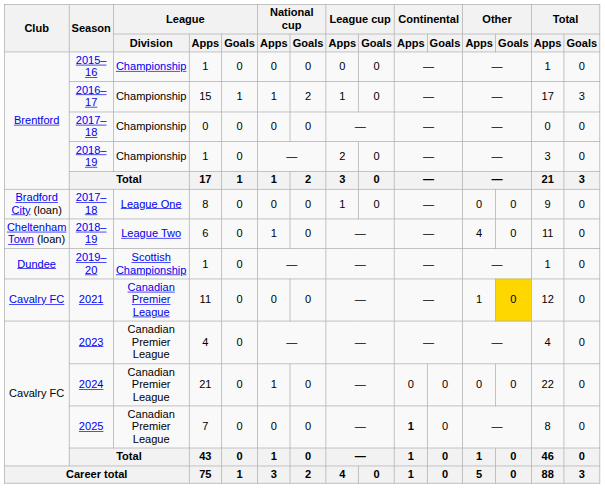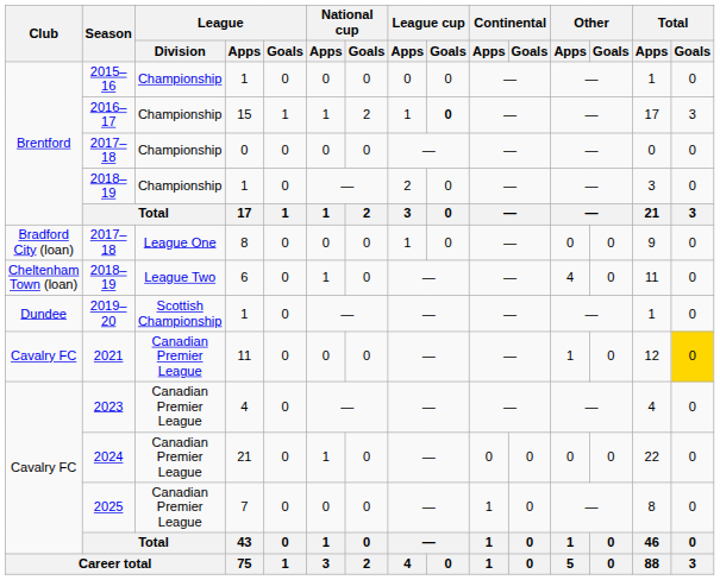 <table style="text-align: center;" class="wikitable">
 <tr>
 <th rowspan="2">Club</th>
 <th rowspan="2">Season</th>
 <th colspan="3">League</th>
 <th colspan="2">National cup</th>
 <th colspan="2">League cup</th>
 <th colspan="2">Continental</th>
 <th colspan="2">Other</th>
 <th colspan="2">Total</th>
 </tr>
 <tr>
 <th>Division</th>
 <th>Apps</th>
 <th>Goals</th>
 <th>Apps</th>
 <th>Goals</th>
 <th>Apps</th>
 <th>Goals</th>
 <th>Apps</th>
 <th>Goals</th>
 <th>Apps</th>
 <th>Goals</th>
 <th>Apps</th>
 <th>Goals</th>
 </tr>
 <tr>
 <td rowspan="5"><a href='#'>Brentford</a></td>
 <td><a href='#'>2015–16</a></td>
 <td><a href='#'>Championship</a></td>
 <td>1</td>
 <td>0</td>
 <td>0</td>
 <td>0</td>
 <td>0</td>
 <td>0</td>
 <td colspan="2">—</td>
 <td colspan="2">—</td>
 <td>1</td>
 <td>0</td>
 </tr>
 <tr>
 <td><a href='#'>2016–17</a></td>
 <td>Championship</td>
 <td>15</td>
 <td>1</td>
 <td>1</td>
 <td>2</td>
 <td>1</td>
-<td>0</td>
+<td><strong>0</strong></td>
 <td colspan="2">—</td>
 <td colspan="2">—</td>
 <td>17</td>
 <td>3</td>
 </tr>
 <tr>
 <td><a href='#'>2017–18</a></td>
 <td>Championship</td>
 <td>0</td>
 <td>0</td>
 <td>0</td>
 <td>0</td>
 <td colspan="2">—</td>
 <td colspan="2">—</td>
 <td colspan="2">—</td>
 <td>0</td>
 <td>0</td>
 </tr>
 <tr>
 <td><a href='#'>2018–19</a></td>
 <td>Championship</td>
 <td>1</td>
 <td>0</td>
 <td colspan="2">—</td>
 <td>2</td>
 <td>0</td>
 <td colspan="2">—</td>
 <td colspan="2">—</td>
 <td>3</td>
 <td>0</td>
 </tr>
 <tr>
 <th colspan="2">Total</th>
 <th>17</th>
 <th>1</th>
 <th>1</th>
 <th>2</th>
 <th>3</th>
 <th>0</th>
 <th colspan="2">—</th>
 <th colspan="2">—</th>
 <th>21</th>
 <th>3</th>
 </tr>
 <tr>
 <td><a href='#'>Bradford City</a> (loan)</td>
 <td><a href='#'>2017–18</a></td>
 <td><a href='#'>League One</a></td>
 <td>8</td>
 <td>0</td>
 <td>0</td>
 <td>0</td>
 <td>1</td>
 <td>0</td>
 <td colspan="2">—</td>
 <td>0</td>
 <td>0</td>
 <td>9</td>
 <td>0</td>
 </tr>
 <tr>
 <td><a href='#'>Cheltenham Town</a> (loan)</td>
 <td><a href='#'>2018–19</a></td>
 <td><a href='#'>League Two</a></td>
 <td>6</td>
 <td>0</td>
 <td>1</td>
 <td>0</td>
 <td colspan="2">—</td>
 <td colspan="2">—</td>
 <td>4</td>
 <td>0</td>
 <td>11</td>
 <td>0</td>
 </tr>
 <tr>
 <td><a href='#'>Dundee</a></td>
 <td><a href='#'>2019–20</a></td>
 <td><a href='#'>Scottish Championship</a></td>
 <td>1</td>
 <td>0</td>
 <td colspan="2">—</td>
 <td colspan="2">—</td>
 <td colspan="2">—</td>
 <td colspan="2">—</td>
 <td>1</td>
 <td>0</td>
 </tr>
 <tr>
 <td><a href='#'>Cavalry FC</a></td>
 <td><a href='#'>2021</a></td>
 <td><a href='#'>Canadian Premier League</a></td>
 <td>11</td>
 <td>0</td>
 <td>0</td>
 <td>0</td>
 <td colspan="2">—</td>
 <td colspan="2">—</td>
 <td>1</td>
+<td>0</td>
+<td>12</td>
 <td style="background: gold;">0</td>
-<td>12</td>
-<td>0</td>
 </tr>
 <tr>
 <td rowspan="4">Cavalry FC</td>
 <td><a href='#'>2023</a></td>
 <td>Canadian Premier League</td>
 <td>4</td>
 <td>0</td>
 <td colspan="2">—</td>
 <td colspan="2">—</td>
 <td colspan="2">—</td>
 <td colspan="2">—</td>
 <td>4</td>
 <td>0</td>
 </tr>
 <tr>
 <td><a href='#'>2024</a></td>
 <td>Canadian Premier League</td>
 <td>21</td>
 <td>0</td>
 <td>1</td>
 <td>0</td>
 <td colspan="2">—</td>
 <td>0</td>
 <td>0</td>
 <td>0</td>
 <td>0</td>
 <td>22</td>
 <td>0</td>
 </tr>
 <tr>
 <td><a href='#'>2025</a></td>
 <td>Canadian Premier League</td>
 <td>7</td>
 <td>0</td>
 <td>0</td>
 <td>0</td>
 <td colspan="2">—</td>
-<td><strong>1</strong></td>
+<td>1</td>
 <td>0</td>
 <td colspan="2">—</td>
 <td>8</td>
 <td>0</td>
 </tr>
 <tr>
 <th colspan="2">Total</th>
 <th>43</th>
 <th>0</th>
 <th>1</th>
 <th>0</th>
 <th colspan="2">—</th>
 <th>1</th>
 <th>0</th>
 <th>1</th>
 <th>0</th>
 <th>46</th>
 <th>0</th>
 </tr>
 <tr>
 <th colspan="3">Career total</th>
 <th>75</th>
 <th>1</th>
 <th>3</th>
 <th>2</th>
 <th>4</th>
 <th>0</th>
 <th>1</th>
 <th>0</th>
 <th>5</th>
 <th>0</th>
 <th>88</th>
 <th>3</th>
 </tr>
 </table>
